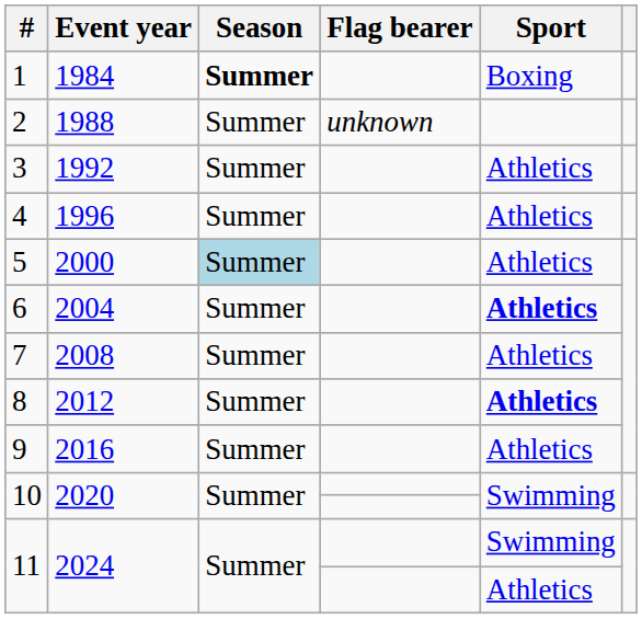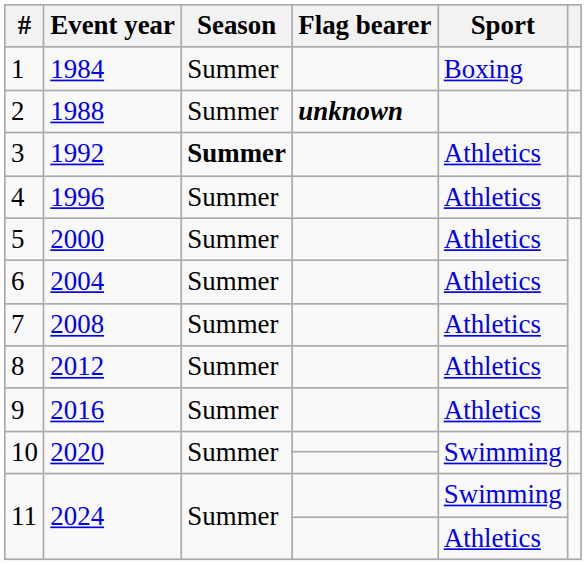 <table class="wikitable sortable">
 <tr>
 <th>#</th>
 <th>Event year</th>
 <th>Season</th>
 <th>Flag bearer</th>
 <th>Sport</th>
 <th></th>
 </tr>
 <tr>
 <td>1</td>
 <td><a href='#'>1984</a></td>
-<td><strong>Summer</strong></td>
+<td>Summer</td>
 <td></td>
 <td><a href='#'>Boxing</a></td>
 <td></td>
 </tr>
 <tr>
 <td>2</td>
 <td><a href='#'>1988</a></td>
 <td>Summer</td>
-<td><em>unknown</em></td>
+<td><strong><em>unknown</em></strong></td>
 <td></td>
 <td></td>
 </tr>
 <tr>
 <td>3</td>
 <td><a href='#'>1992</a></td>
-<td>Summer</td>
+<td><strong>Summer</strong></td>
 <td></td>
 <td><a href='#'>Athletics</a></td>
 <td></td>
 </tr>
 <tr>
 <td>4</td>
 <td><a href='#'>1996</a></td>
 <td>Summer</td>
 <td></td>
 <td><a href='#'>Athletics</a></td>
 <td></td>
 </tr>
 <tr>
 <td>5</td>
 <td><a href='#'>2000</a></td>
-<td style="background: lightblue;">Summer</td>
+<td>Summer</td>
 <td></td>
 <td><a href='#'>Athletics</a></td>
 <td rowspan=5></td>
 </tr>
 <tr>
 <td>6</td>
 <td><a href='#'>2004</a></td>
 <td>Summer</td>
 <td></td>
-<td><strong><a href='#'>Athletics</a></strong></td>
+<td><a href='#'>Athletics</a></td>
 </tr>
 <tr>
 <td>7</td>
 <td><a href='#'>2008</a></td>
 <td>Summer</td>
 <td></td>
 <td><a href='#'>Athletics</a></td>
 </tr>
 <tr>
 <td>8</td>
 <td><a href='#'>2012</a></td>
 <td>Summer</td>
 <td></td>
-<td><strong><a href='#'>Athletics</a></strong></td>
+<td><a href='#'>Athletics</a></td>
 </tr>
 <tr>
 <td>9</td>
 <td><a href='#'>2016</a></td>
 <td>Summer</td>
 <td></td>
 <td><a href='#'>Athletics</a></td>
 </tr>
 <tr>
 <td rowspan=2>10</td>
 <td rowspan=2><a href='#'>2020</a></td>
 <td rowspan=2>Summer</td>
 <td></td>
 <td rowspan=2><a href='#'>Swimming</a></td>
 <td rowspan=2></td>
 </tr>
 <tr>
 <td></td>
 </tr>
 <tr>
 <td rowspan=2>11</td>
 <td rowspan=2><a href='#'>2024</a></td>
 <td rowspan=2>Summer</td>
 <td></td>
 <td><a href='#'>Swimming</a></td>
 <td rowspan=2></td>
 </tr>
 <tr>
 <td></td>
 <td><a href='#'>Athletics</a></td>
 </tr>
 </table>
